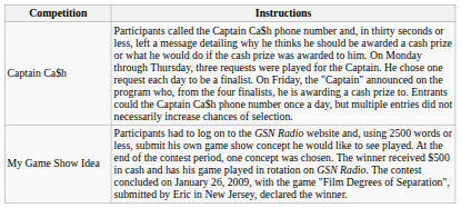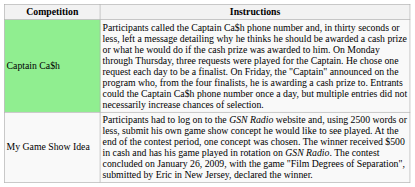 <table class="wikitable">
 <tr>
 <th width="150px">Competition</th>
 <th width="500px">Instructions</th>
 </tr>
 <tr>
-<td>Captain Ca$h</td>
+<td style="background: lightgreen;">Captain Ca$h</td>
 <td>Participants called the Captain Ca$h phone number and, in thirty seconds or less, left a message detailing why he thinks he should be awarded a cash prize or what he would do if the cash prize was awarded to him. On Monday through Thursday, three requests were played for the Captain. He chose one request each day to be a finalist. On Friday, the "Captain" announced on the program who, from the four finalists, he is awarding a cash prize to. Entrants could the Captain Ca$h phone number once a day, but multiple entries did not necessarily increase chances of selection.</td>
 </tr>
 <tr>
 <td>My Game Show Idea</td>
 <td>Participants had to log on to the <em>GSN Radio</em> website and, using 2500 words or less, submit his own game show concept he would like to see played. At the end of the contest period, one concept was chosen. The winner received $500 in cash and has his game played in rotation on <em>GSN Radio</em>.  The contest concluded on January 26, 2009, with the game "Film Degrees of Separation", submitted by Eric in New Jersey, declared the winner.</td>
 </tr>
 </table>
